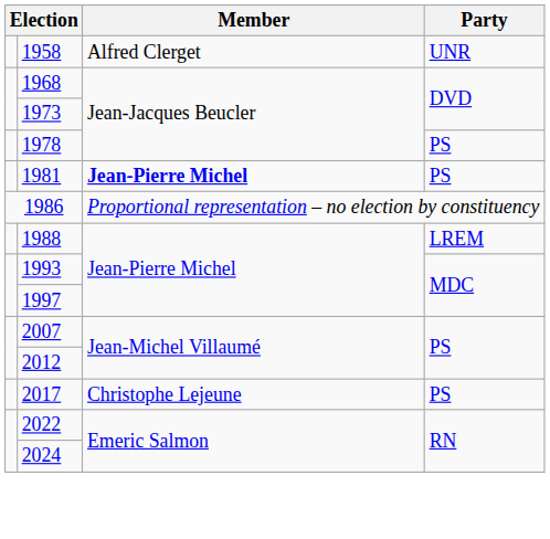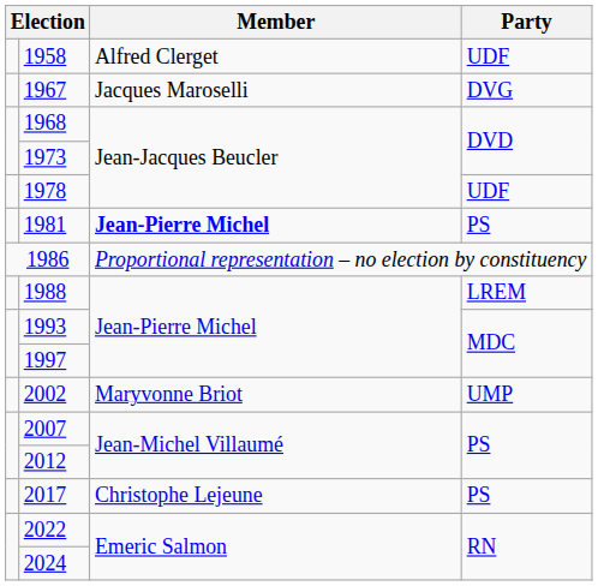 <table class="wikitable">
 <tr>
 <th colspan="2">Election</th>
 <th>Member</th>
 <th>Party</th>
 </tr>
 <tr>
 <td style="background-color: "></td>
 <td><a href='#'>1958</a></td>
 <td>Alfred Clerget</td>
-<td><a href='#'>UNR</a></td>
+<td><a href='#'>UDF</a></td>
+</tr>
+<tr>
+<td style="background-color: "></td>
+<td><a href='#'>1967</a></td>
+<td>Jacques Maroselli</td>
+<td><a href='#'>DVG</a></td>
 </tr>
 <tr>
 <td rowspan="2" style="background-color: "></td>
 <td><a href='#'>1968</a></td>
 <td rowspan="3">Jean-Jacques Beucler</td>
 <td rowspan="2"><a href='#'>DVD</a></td>
 </tr>
 <tr>
 <td><a href='#'>1973</a></td>
 </tr>
 <tr>
 <td style="background-color: "></td>
 <td><a href='#'>1978</a></td>
-<td><a href='#'>PS</a></td>
+<td><a href='#'>UDF</a></td>
 </tr>
 <tr>
 <td style="background-color: "></td>
 <td><a href='#'>1981</a></td>
 <td><strong><a href='#'>Jean-Pierre Michel</a></strong></td>
 <td><a href='#'>PS</a></td>
 </tr>
 <tr>
 <td colspan="2" align="center"><a href='#'>1986</a></td>
 <td colspan="2"><em><a href='#'>Proportional representation</a> – no election by constituency</em></td>
 </tr>
 <tr>
 <td style="background-color: "></td>
 <td><a href='#'>1988</a></td>
 <td rowspan="3"><a href='#'>Jean-Pierre Michel</a></td>
 <td><a href='#'>LREM</a></td>
 </tr>
 <tr>
 <td rowspan="2" style="background-color: "></td>
 <td><a href='#'>1993</a></td>
 <td rowspan="2"><a href='#'>MDC</a></td>
 </tr>
 <tr>
 <td><a href='#'>1997</a></td>
 </tr>
 <tr>
+<td style="background-color: "></td>
+<td><a href='#'>2002</a></td>
+<td><a href='#'>Maryvonne Briot</a></td>
+<td><a href='#'>UMP</a></td>
+</tr>
+<tr>
 <td rowspan="2" style="background-color: "></td>
 <td><a href='#'>2007</a></td>
 <td rowspan="2"><a href='#'>Jean-Michel Villaumé</a></td>
 <td rowspan="2"><a href='#'>PS</a></td>
 </tr>
 <tr>
 <td><a href='#'>2012</a></td>
 </tr>
 <tr>
 <td style="background-color: "></td>
 <td><a href='#'>2017</a></td>
 <td><a href='#'>Christophe Lejeune</a></td>
 <td><a href='#'>PS</a></td>
 </tr>
 <tr>
 <td rowspan=2 style="background-color: "></td>
 <td><a href='#'>2022</a></td>
 <td rowspan=2><a href='#'>Emeric Salmon</a></td>
 <td rowspan=2><a href='#'>RN</a></td>
 </tr>
 <tr>
 <td><a href='#'>2024</a></td>
 </tr>
 </table>
